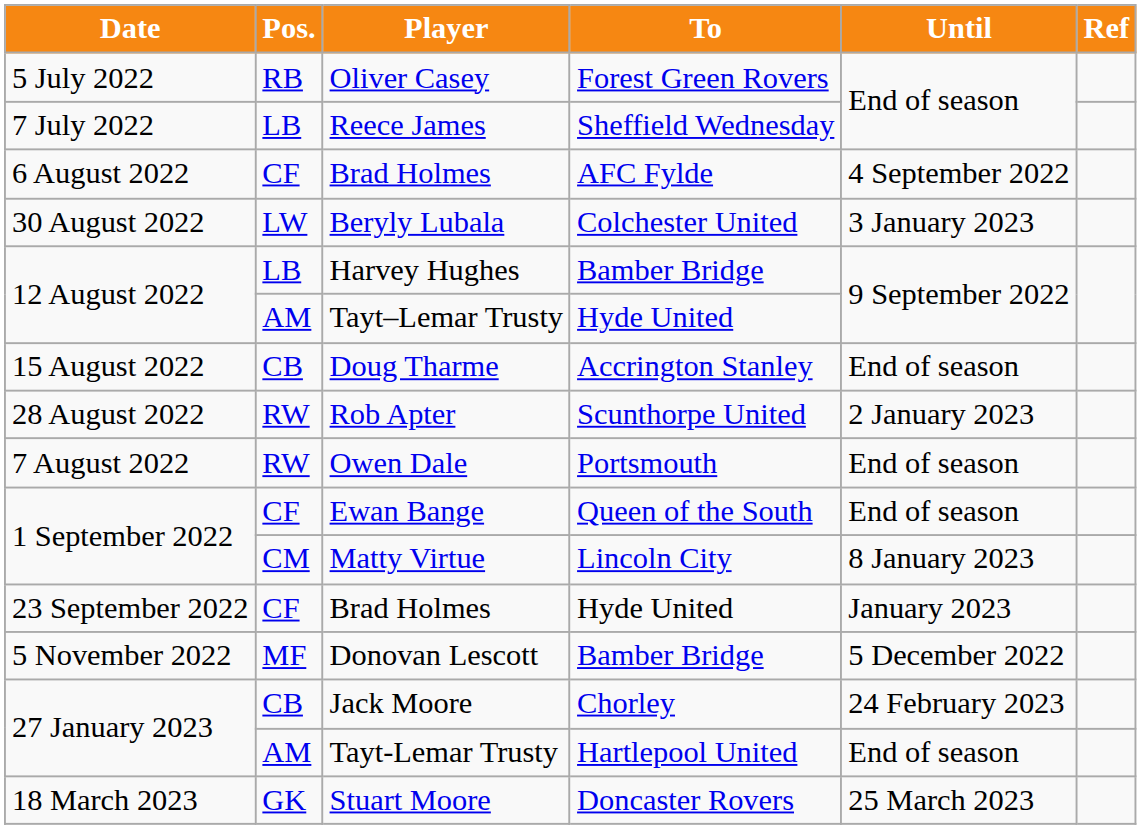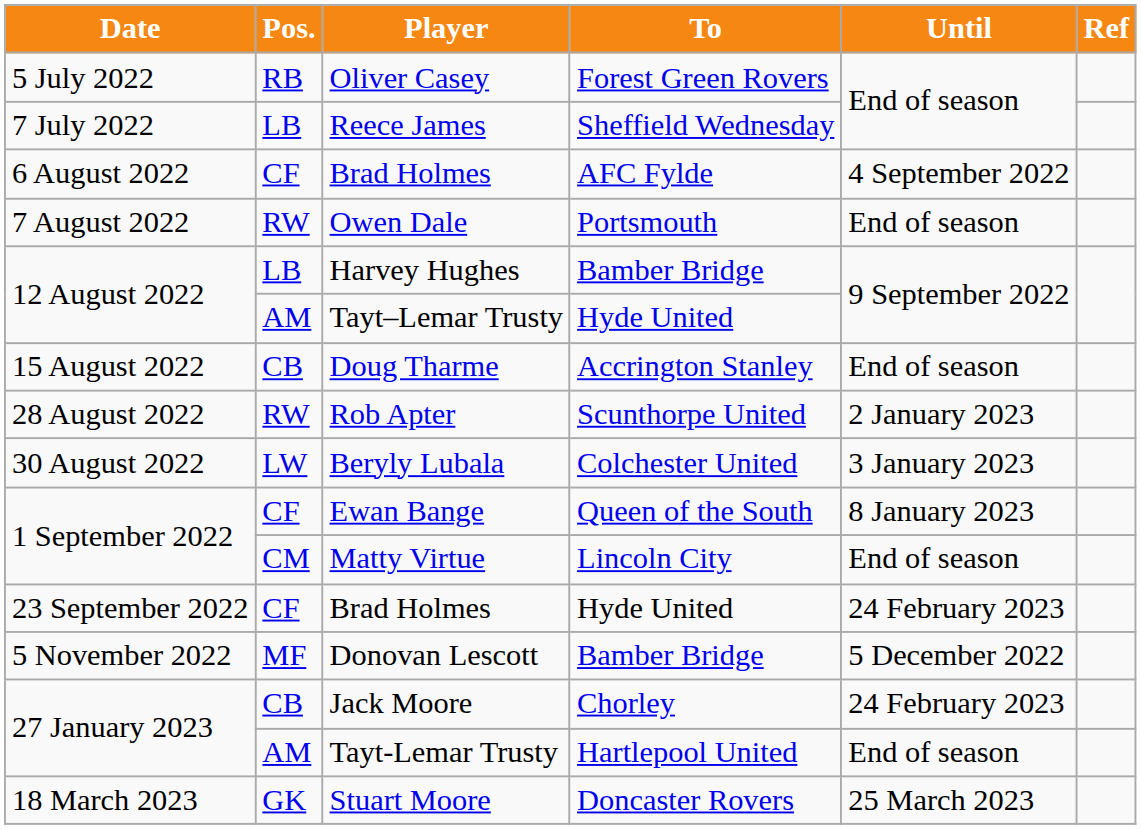 <table class="wikitable plainrowheaders sortable">
 <tr>
 <th style="background:#F68712; color:#FFFFFF; ">Date</th>
 <th style="background:#F68712; color:#FFFFFF; ">Pos.</th>
 <th style="background:#F68712; color:#FFFFFF; ">Player</th>
 <th style="background:#F68712; color:#FFFFFF; ">To</th>
 <th style="background:#F68712; color:#FFFFFF; ">Until</th>
 <th style="background:#F68712; color:#FFFFFF; ">Ref</th>
 </tr>
 <tr>
 <td>5 July 2022</td>
 <td><a href='#'>RB</a></td>
 <td> <a href='#'>Oliver Casey</a></td>
 <td><a href='#'>Forest Green Rovers</a></td>
 <td rowspan="2">End of season</td>
 <td></td>
 </tr>
 <tr>
 <td>7 July 2022</td>
 <td><a href='#'>LB</a></td>
 <td> <a href='#'>Reece James</a></td>
 <td><a href='#'>Sheffield Wednesday</a></td>
 <td></td>
 </tr>
 <tr>
 <td>6 August 2022</td>
 <td><a href='#'>CF</a></td>
 <td> <a href='#'>Brad Holmes</a></td>
 <td><a href='#'>AFC Fylde</a></td>
 <td>4 September 2022</td>
 <td></td>
 </tr>
 <tr>
-<td>30 August 2022</td>
-<td><a href='#'>LW</a></td>
-<td> <a href='#'>Beryly Lubala</a></td>
-<td><a href='#'>Colchester United</a></td>
-<td>3 January 2023</td>
+<td>7 August 2022</td>
+<td><a href='#'>RW</a></td>
+<td> <a href='#'>Owen Dale</a></td>
+<td><a href='#'>Portsmouth</a></td>
+<td>End of season</td>
 <td></td>
 </tr>
 <tr>
 <td rowspan="2">12 August 2022</td>
 <td><a href='#'>LB</a></td>
 <td> Harvey Hughes</td>
 <td><a href='#'>Bamber Bridge</a></td>
 <td rowspan="2">9 September 2022</td>
 <td rowspan="2"></td>
 </tr>
 <tr>
 <td><a href='#'>AM</a></td>
 <td> Tayt–Lemar Trusty</td>
 <td><a href='#'>Hyde United</a></td>
 </tr>
 <tr>
 <td>15 August 2022</td>
 <td><a href='#'>CB</a></td>
 <td> <a href='#'>Doug Tharme</a></td>
 <td><a href='#'>Accrington Stanley</a></td>
 <td>End of season</td>
 <td></td>
 </tr>
 <tr>
 <td>28 August 2022</td>
 <td><a href='#'>RW</a></td>
 <td> <a href='#'>Rob Apter</a></td>
 <td><a href='#'>Scunthorpe United</a></td>
 <td>2 January 2023</td>
 <td></td>
 </tr>
 <tr>
-<td>7 August 2022</td>
-<td><a href='#'>RW</a></td>
-<td> <a href='#'>Owen Dale</a></td>
-<td><a href='#'>Portsmouth</a></td>
-<td>End of season</td>
+<td>30 August 2022</td>
+<td><a href='#'>LW</a></td>
+<td> <a href='#'>Beryly Lubala</a></td>
+<td><a href='#'>Colchester United</a></td>
+<td>3 January 2023</td>
 <td></td>
 </tr>
 <tr>
 <td rowspan="2">1 September 2022</td>
 <td><a href='#'>CF</a></td>
 <td> <a href='#'>Ewan Bange</a></td>
 <td> <a href='#'>Queen of the South</a></td>
-<td>End of season</td>
+<td>8 January 2023</td>
 <td></td>
 </tr>
 <tr>
 <td><a href='#'>CM</a></td>
 <td> <a href='#'>Matty Virtue</a></td>
 <td><a href='#'>Lincoln City</a></td>
-<td>8 January 2023</td>
+<td>End of season</td>
 <td></td>
 </tr>
 <tr>
 <td>23 September 2022</td>
 <td><a href='#'>CF</a></td>
 <td> Brad Holmes</td>
 <td>Hyde United</td>
-<td>January 2023</td>
+<td>24 February 2023</td>
 <td></td>
 </tr>
 <tr>
 <td>5 November 2022</td>
 <td><a href='#'>MF</a></td>
 <td> Donovan Lescott</td>
 <td><a href='#'>Bamber Bridge</a></td>
 <td>5 December 2022</td>
 <td></td>
 </tr>
 <tr>
 <td rowspan="2">27 January 2023</td>
 <td><a href='#'>CB</a></td>
 <td> Jack Moore</td>
 <td><a href='#'>Chorley</a></td>
 <td>24 February 2023</td>
 <td></td>
 </tr>
 <tr>
 <td><a href='#'>AM</a></td>
 <td> Tayt-Lemar Trusty</td>
 <td><a href='#'>Hartlepool United</a></td>
 <td>End of season</td>
 <td></td>
 </tr>
 <tr>
 <td>18 March 2023</td>
 <td><a href='#'>GK</a></td>
 <td> <a href='#'>Stuart Moore</a></td>
 <td><a href='#'>Doncaster Rovers</a></td>
 <td>25 March 2023</td>
 <td></td>
 </tr>
 </table>
